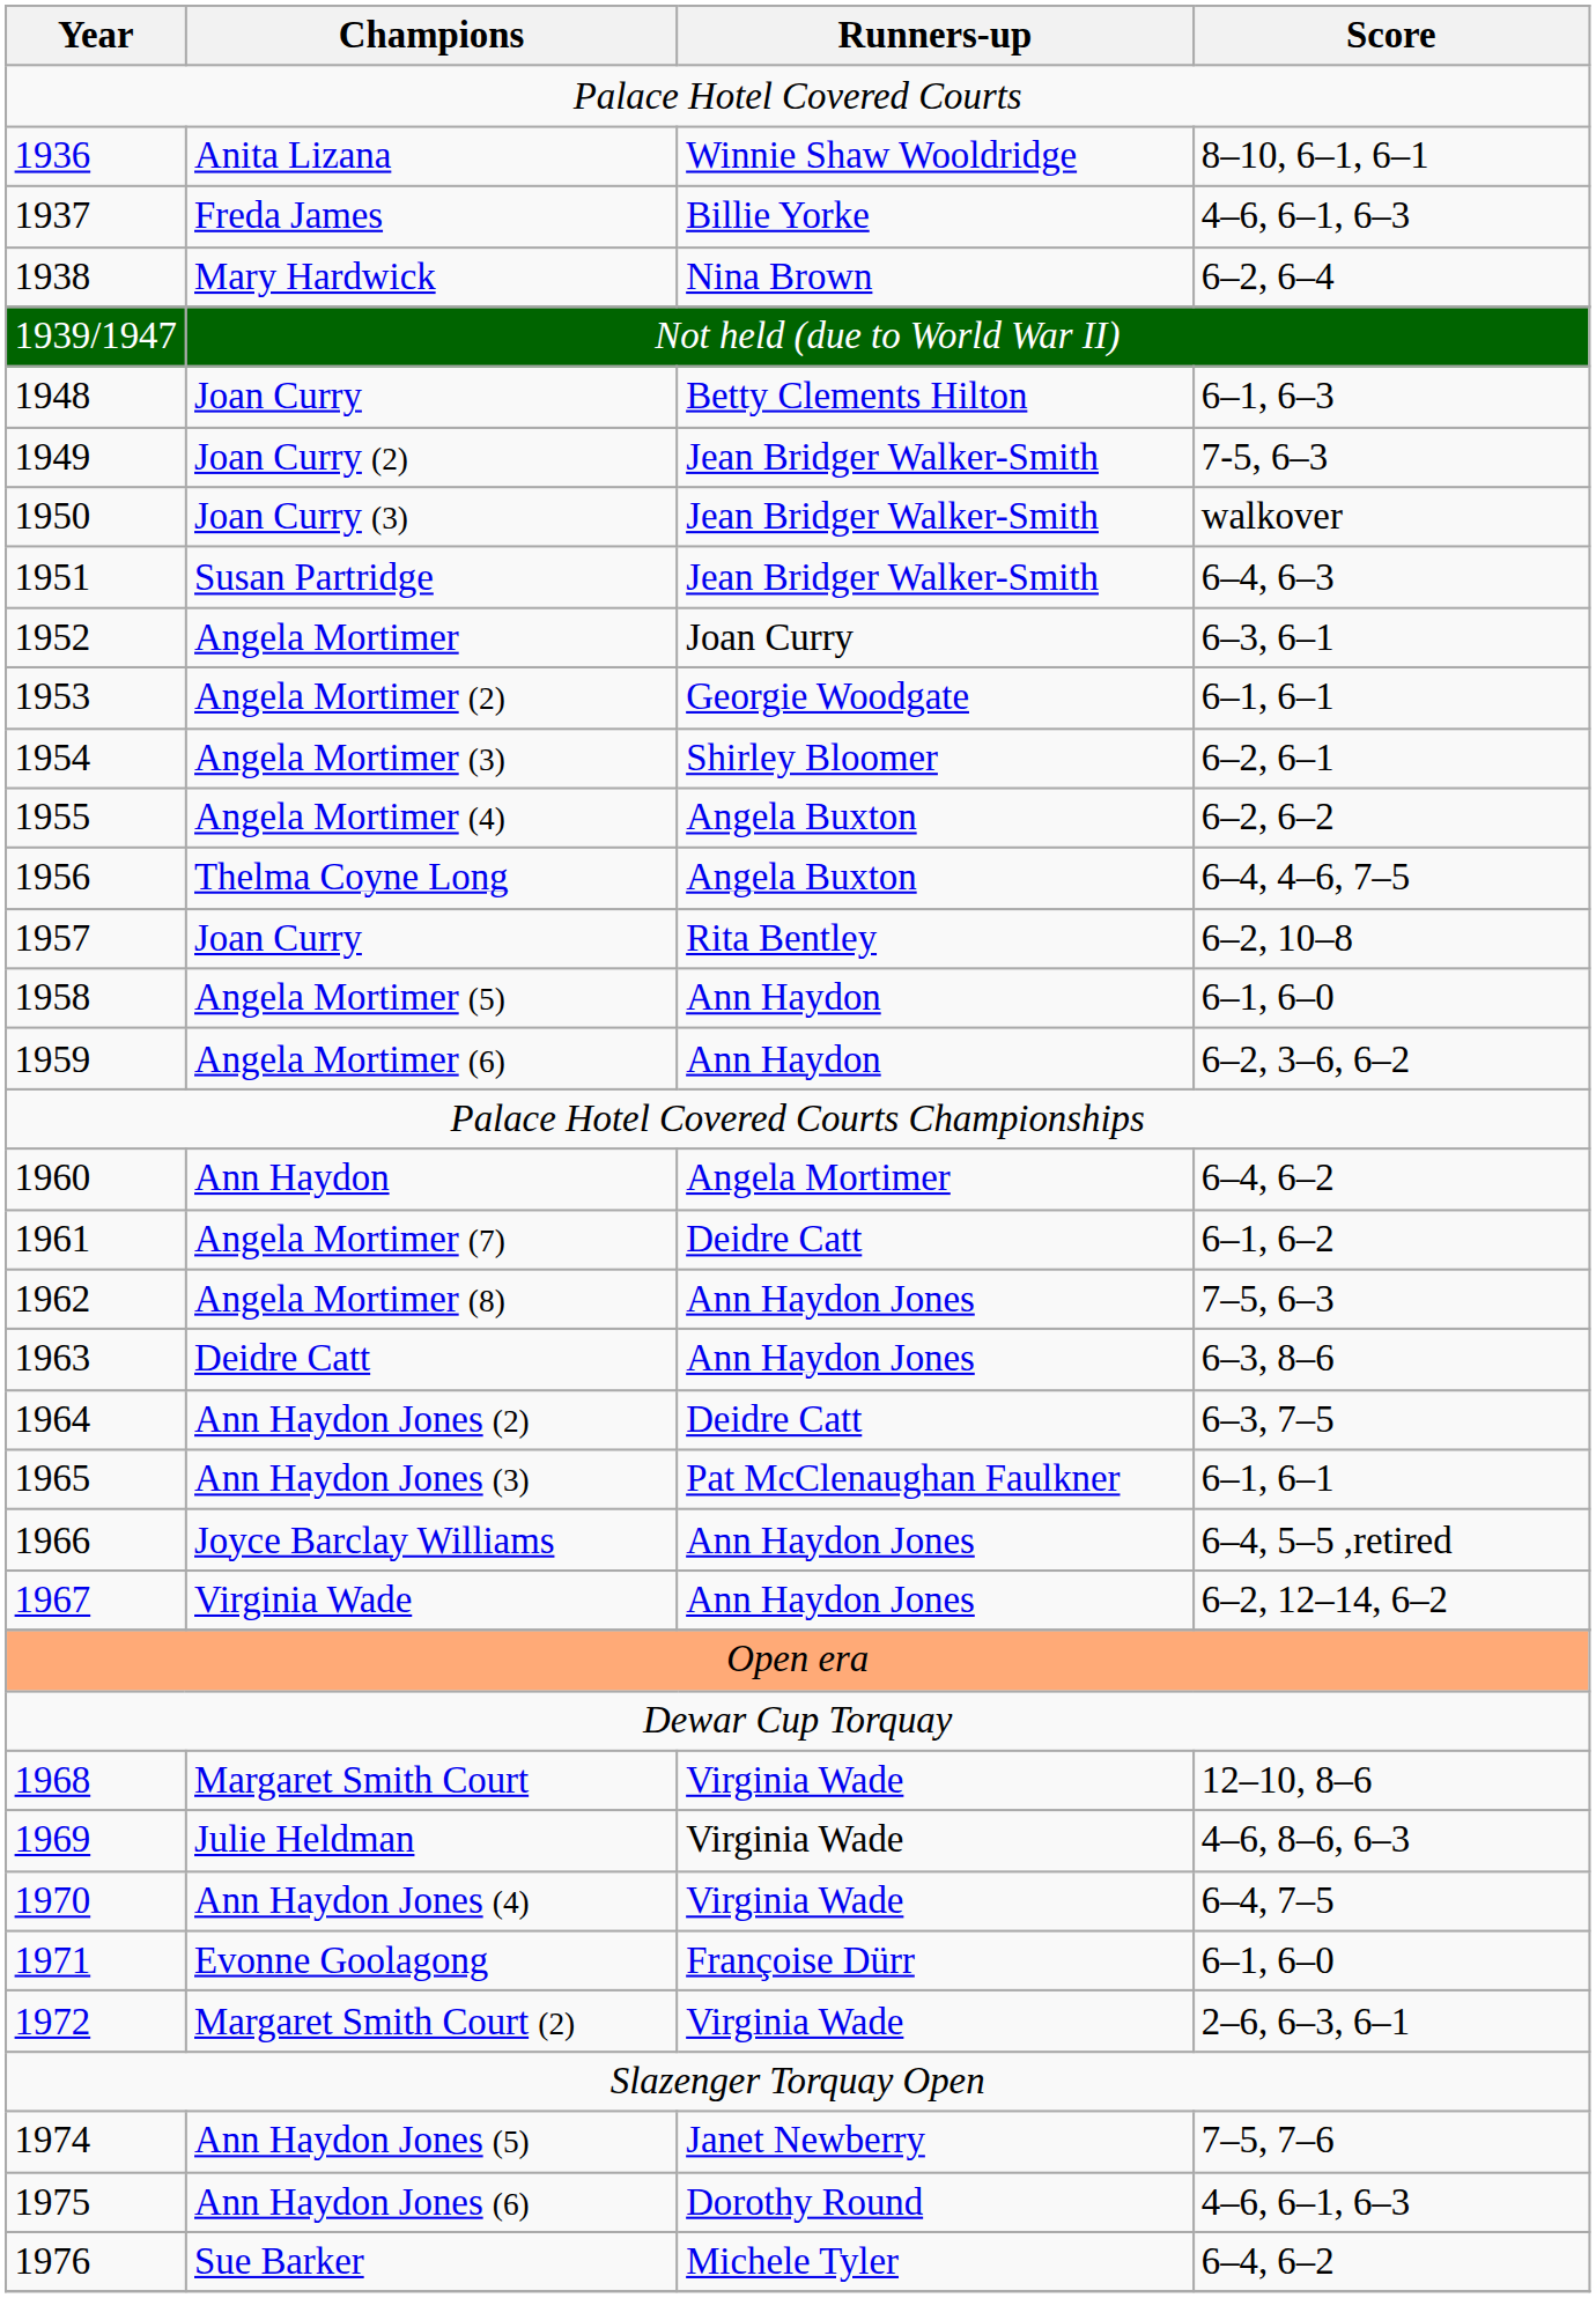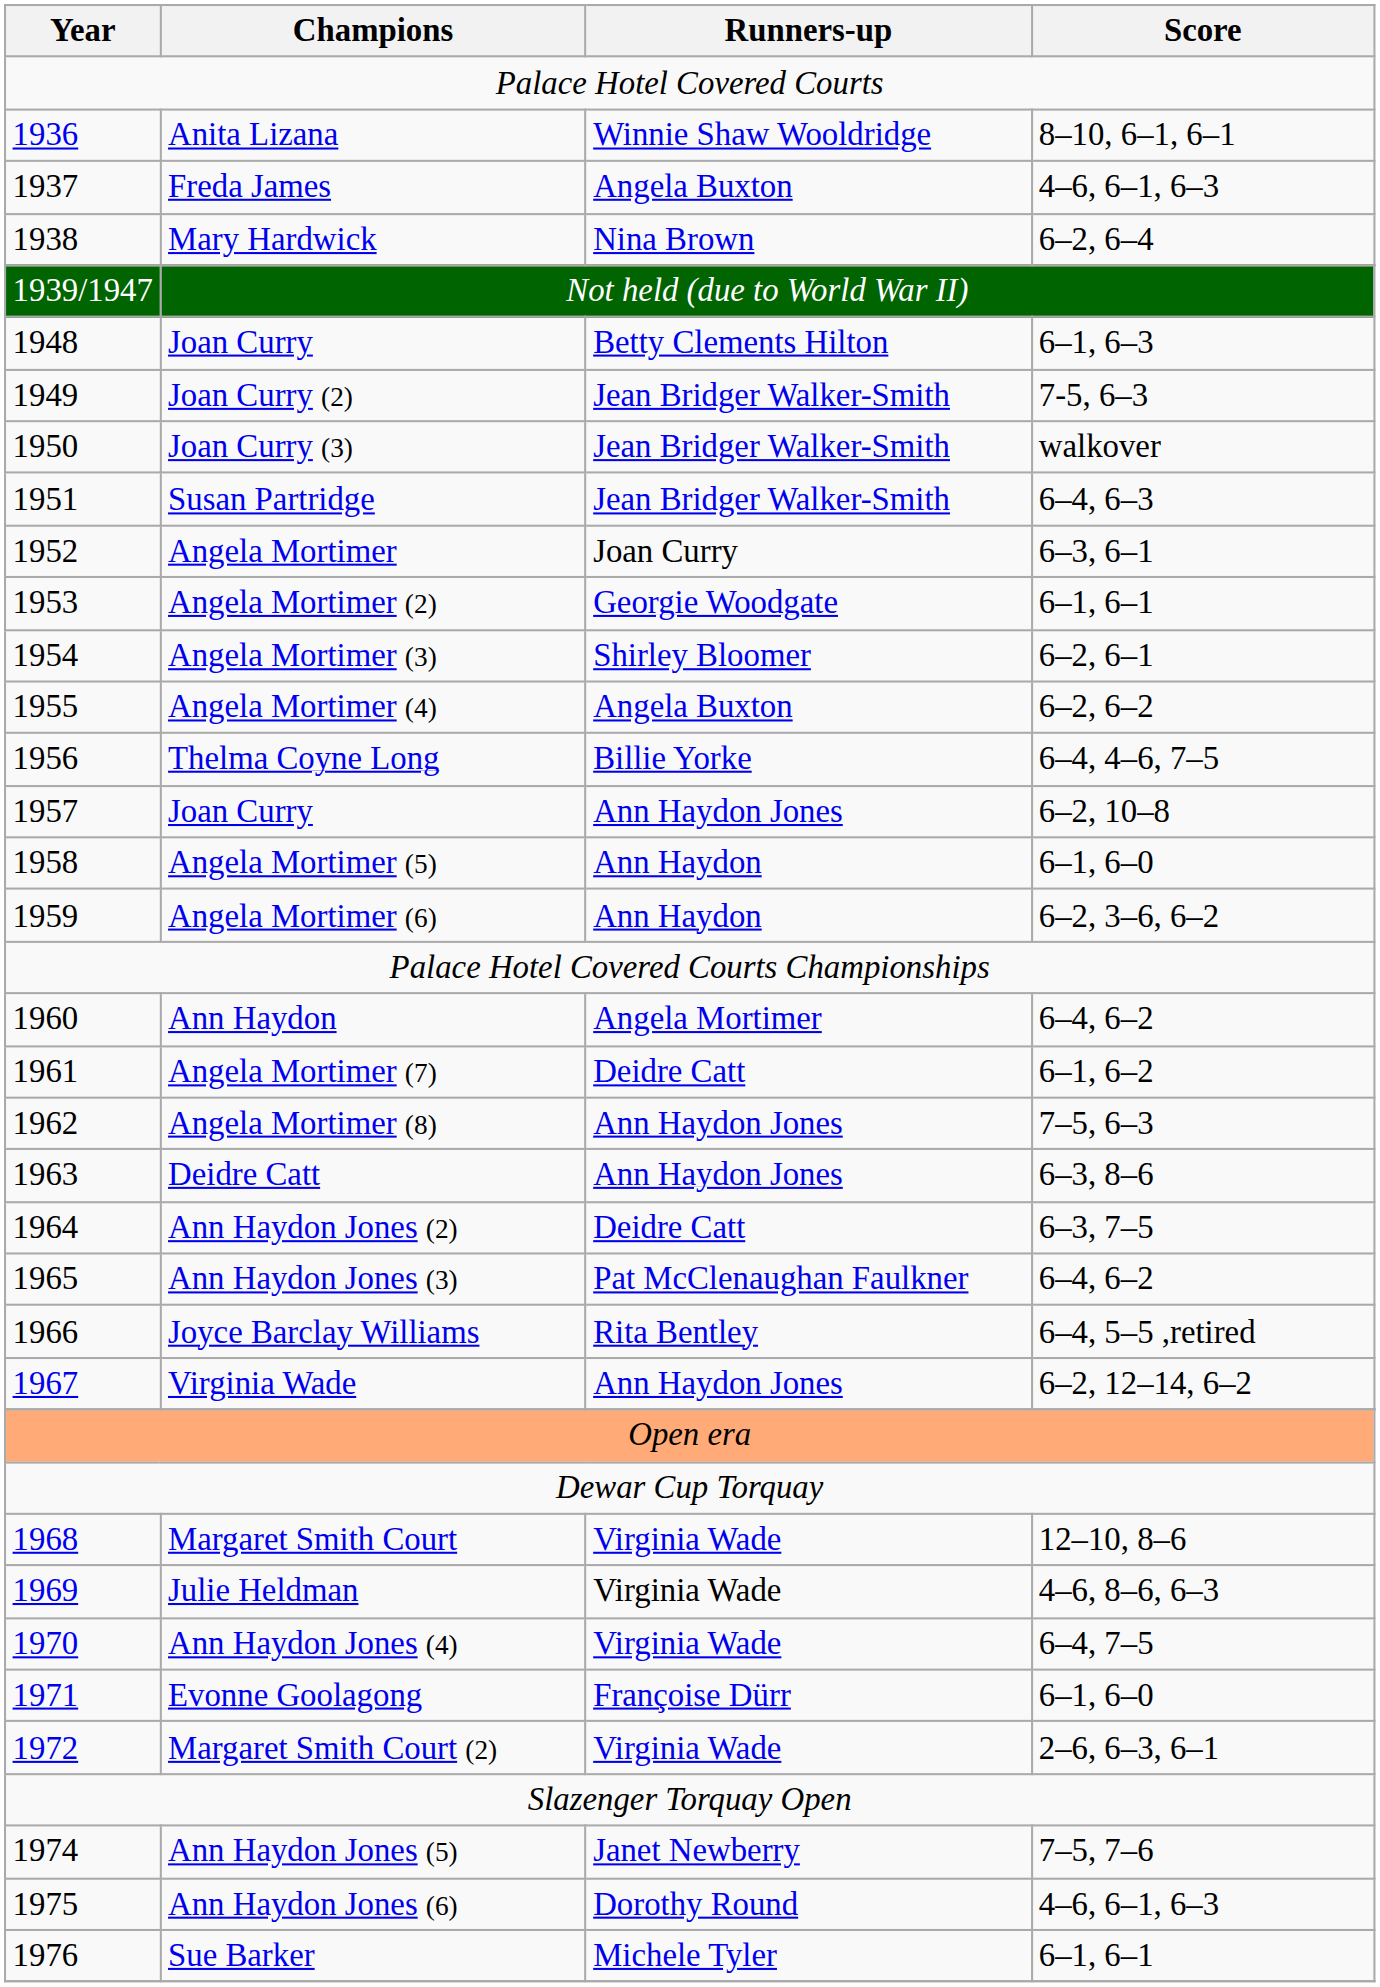 <table class="wikitable">
 <tr>
 <th style="width:60px;">Year</th>
 <th style="width:200px;">Champions</th>
 <th style="width:210px;">Runners-up</th>
 <th style="width:160px;">Score</th>
 </tr>
 <tr>
 <td colspan="4" style="text-align:center;"><em>Palace Hotel Covered Courts</em></td>
 </tr>
 <tr>
 <td><a href='#'>1936</a></td>
 <td> <a href='#'>Anita Lizana</a></td>
 <td> <a href='#'>Winnie Shaw Wooldridge</a></td>
 <td>8–10, 6–1, 6–1</td>
 </tr>
 <tr>
 <td>1937</td>
 <td> <a href='#'>Freda James</a></td>
-<td> <a href='#'>Billie Yorke</a></td>
+<td> <a href='#'>Angela Buxton</a></td>
 <td>4–6, 6–1, 6–3</td>
 </tr>
 <tr>
 <td>1938</td>
 <td> <a href='#'>Mary Hardwick</a></td>
 <td> <a href='#'>Nina Brown</a></td>
 <td>6–2, 6–4</td>
 </tr>
 <tr>
 </tr>
 <tr style="background:#006400; color:white">
 <td>1939/1947</td>
 <td colspan=3 align=center><em>Not held (due to World War II)</em></td>
 </tr>
 <tr>
 <td>1948</td>
 <td> <a href='#'>Joan Curry</a></td>
 <td> <a href='#'>Betty Clements Hilton</a></td>
 <td>6–1, 6–3</td>
 </tr>
 <tr>
 <td>1949</td>
 <td> <a href='#'>Joan Curry</a> <small>(2)</small></td>
 <td> <a href='#'>Jean Bridger Walker-Smith</a></td>
 <td>7-5, 6–3</td>
 </tr>
 <tr>
 <td>1950</td>
 <td> <a href='#'>Joan Curry</a> <small>(3)</small></td>
 <td> <a href='#'>Jean Bridger Walker-Smith</a></td>
 <td>walkover</td>
 </tr>
 <tr>
 <td>1951</td>
 <td> <a href='#'>Susan Partridge</a></td>
 <td> <a href='#'>Jean Bridger Walker-Smith</a></td>
 <td>6–4, 6–3</td>
 </tr>
 <tr>
 <td>1952</td>
 <td> <a href='#'>Angela Mortimer</a></td>
 <td> Joan Curry</td>
 <td>6–3, 6–1</td>
 </tr>
 <tr>
 <td>1953</td>
 <td> <a href='#'>Angela Mortimer</a> <small>(2)</small></td>
 <td> <a href='#'>Georgie Woodgate</a></td>
 <td>6–1, 6–1</td>
 </tr>
 <tr>
 <td>1954</td>
 <td> <a href='#'>Angela Mortimer</a> <small>(3)</small></td>
 <td> <a href='#'>Shirley Bloomer</a></td>
 <td>6–2, 6–1</td>
 </tr>
 <tr>
 <td>1955</td>
 <td> <a href='#'>Angela Mortimer</a> <small>(4)</small></td>
 <td> <a href='#'>Angela Buxton</a></td>
 <td>6–2, 6–2</td>
 </tr>
 <tr>
 <td>1956</td>
 <td> <a href='#'>Thelma Coyne Long</a></td>
-<td> <a href='#'>Angela Buxton</a></td>
+<td> <a href='#'>Billie Yorke</a></td>
 <td>6–4, 4–6, 7–5</td>
 </tr>
 <tr>
 <td>1957</td>
 <td> <a href='#'>Joan Curry</a></td>
-<td> <a href='#'>Rita Bentley</a></td>
+<td> <a href='#'>Ann Haydon Jones</a></td>
 <td>6–2, 10–8</td>
 </tr>
 <tr>
 <td>1958</td>
 <td> <a href='#'>Angela Mortimer</a> <small>(5)</small></td>
 <td> <a href='#'>Ann Haydon</a></td>
 <td>6–1, 6–0</td>
 </tr>
 <tr>
 <td>1959</td>
 <td> <a href='#'>Angela Mortimer</a> <small>(6)</small></td>
 <td> <a href='#'>Ann Haydon</a></td>
 <td>6–2, 3–6, 6–2</td>
 </tr>
 <tr>
 <td colspan="4" style="text-align:center;"><em>Palace Hotel Covered Courts Championships</em></td>
 </tr>
 <tr>
 <td>1960</td>
 <td> <a href='#'>Ann Haydon</a></td>
 <td> <a href='#'>Angela Mortimer</a></td>
 <td>6–4, 6–2</td>
 </tr>
 <tr>
 <td>1961</td>
 <td> <a href='#'>Angela Mortimer</a> <small>(7)</small></td>
 <td> <a href='#'>Deidre Catt</a></td>
 <td>6–1, 6–2</td>
 </tr>
 <tr>
 <td>1962</td>
 <td> <a href='#'>Angela Mortimer</a> <small>(8)</small></td>
 <td> <a href='#'>Ann Haydon Jones</a></td>
 <td>7–5, 6–3</td>
 </tr>
 <tr>
 <td>1963</td>
 <td> <a href='#'>Deidre Catt</a></td>
 <td> <a href='#'>Ann Haydon Jones</a></td>
 <td>6–3, 8–6</td>
 </tr>
 <tr>
 <td>1964</td>
 <td> <a href='#'>Ann Haydon Jones</a> <small>(2)</small></td>
 <td> <a href='#'>Deidre Catt</a></td>
 <td>6–3, 7–5</td>
 </tr>
 <tr>
 <td>1965</td>
 <td> <a href='#'>Ann Haydon Jones</a> <small>(3)</small></td>
 <td> <a href='#'>Pat McClenaughan Faulkner</a></td>
-<td>6–1, 6–1</td>
+<td>6–4, 6–2</td>
 </tr>
 <tr>
 <td>1966</td>
 <td> <a href='#'>Joyce Barclay Williams</a></td>
-<td> <a href='#'>Ann Haydon Jones</a></td>
+<td> <a href='#'>Rita Bentley</a></td>
 <td>6–4, 5–5 ,retired</td>
 </tr>
 <tr>
 <td><a href='#'>1967</a></td>
 <td> <a href='#'>Virginia Wade</a></td>
 <td> <a href='#'>Ann Haydon Jones</a></td>
 <td>6–2, 12–14, 6–2</td>
 </tr>
 <tr>
 </tr>
 <tr style=background-color:#ffaa77>
 <td colspan=10 align=center><em>Open era </em></td>
 </tr>
 <tr>
 <td colspan="4" style="text-align:center;"><em>Dewar Cup Torquay</em></td>
 </tr>
 <tr>
 <td><a href='#'>1968</a></td>
 <td> <a href='#'>Margaret Smith Court</a></td>
 <td> <a href='#'>Virginia Wade</a></td>
 <td>12–10, 8–6</td>
 </tr>
 <tr>
 <td><a href='#'>1969</a></td>
 <td> <a href='#'>Julie Heldman</a></td>
 <td> Virginia Wade</td>
 <td>4–6, 8–6, 6–3</td>
 </tr>
 <tr>
 <td><a href='#'>1970</a></td>
 <td> <a href='#'>Ann Haydon Jones</a> <small>(4)</small></td>
 <td> <a href='#'>Virginia Wade</a></td>
 <td>6–4, 7–5</td>
 </tr>
 <tr>
 <td><a href='#'>1971</a></td>
 <td> <a href='#'>Evonne Goolagong</a></td>
 <td> <a href='#'>Françoise Dürr</a></td>
 <td>6–1, 6–0</td>
 </tr>
 <tr>
 <td><a href='#'>1972</a></td>
 <td> <a href='#'>Margaret Smith Court</a> <small>(2)</small></td>
 <td> <a href='#'>Virginia Wade</a></td>
 <td>2–6, 6–3, 6–1</td>
 </tr>
 <tr>
 <td colspan="4" style="text-align:center;"><em>Slazenger Torquay Open</em></td>
 </tr>
 <tr>
 <td>1974</td>
 <td> <a href='#'>Ann Haydon Jones</a> <small>(5)</small></td>
 <td> <a href='#'>Janet Newberry</a></td>
 <td>7–5, 7–6</td>
 </tr>
 <tr>
 <td>1975</td>
 <td> <a href='#'>Ann Haydon Jones</a> <small>(6)</small></td>
 <td> <a href='#'>Dorothy Round</a></td>
 <td>4–6, 6–1, 6–3</td>
 </tr>
 <tr>
 <td>1976</td>
 <td> <a href='#'>Sue Barker</a></td>
 <td> <a href='#'>Michele Tyler</a></td>
-<td>6–4, 6–2</td>
+<td>6–1, 6–1</td>
 </tr>
 <tr>
 </tr>
 </table>
